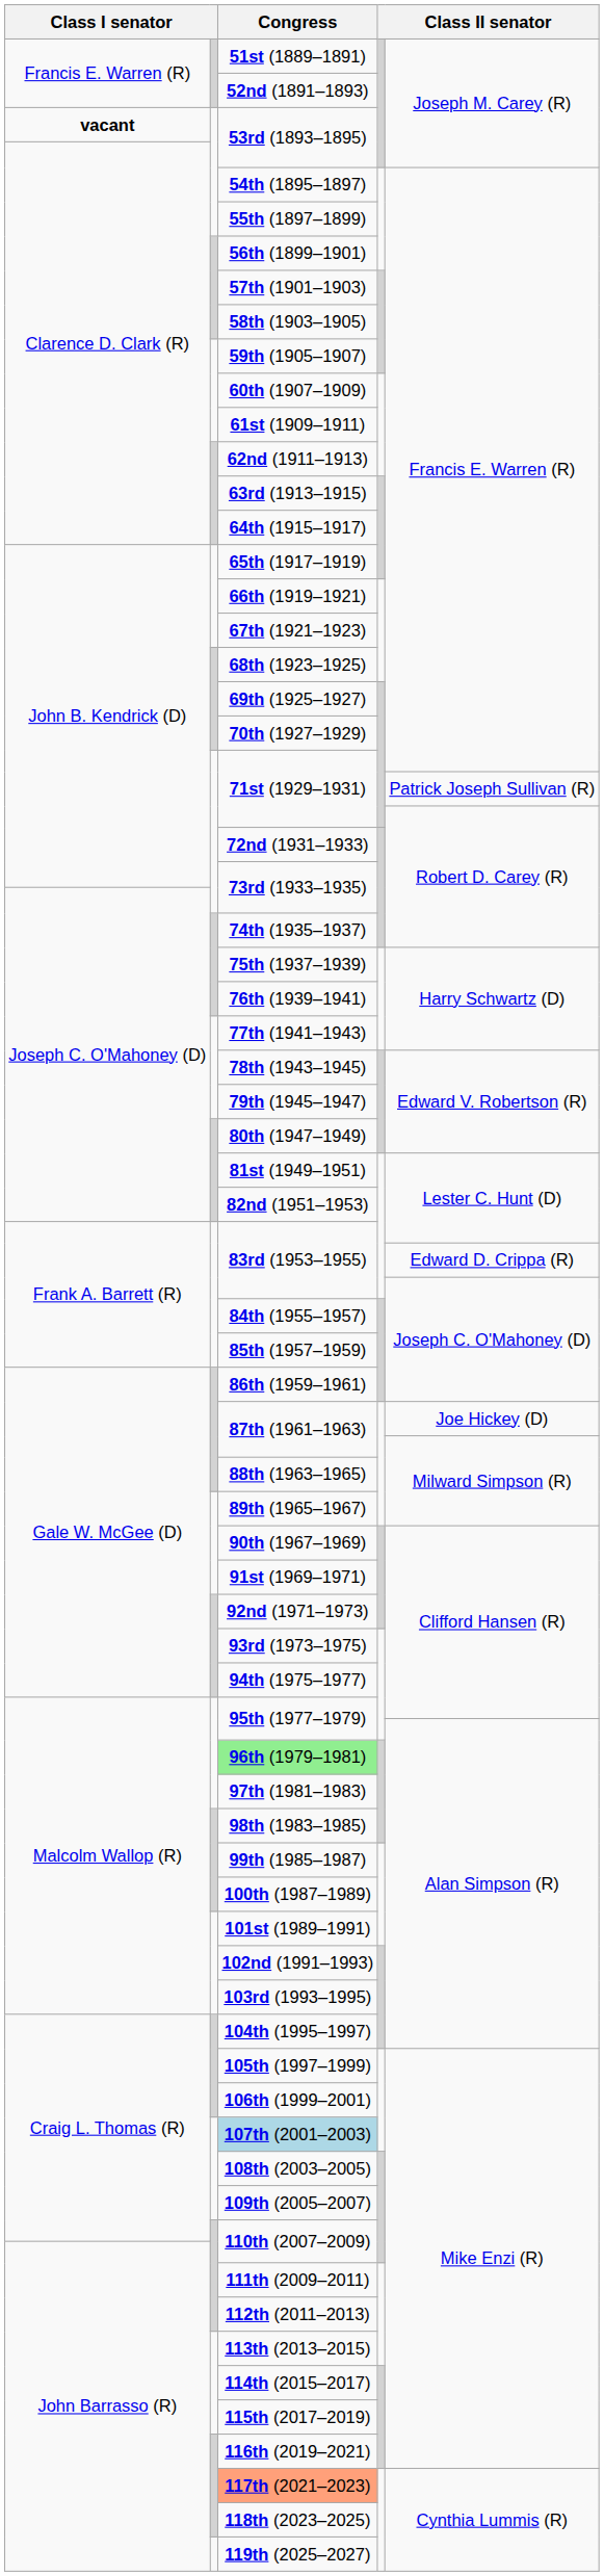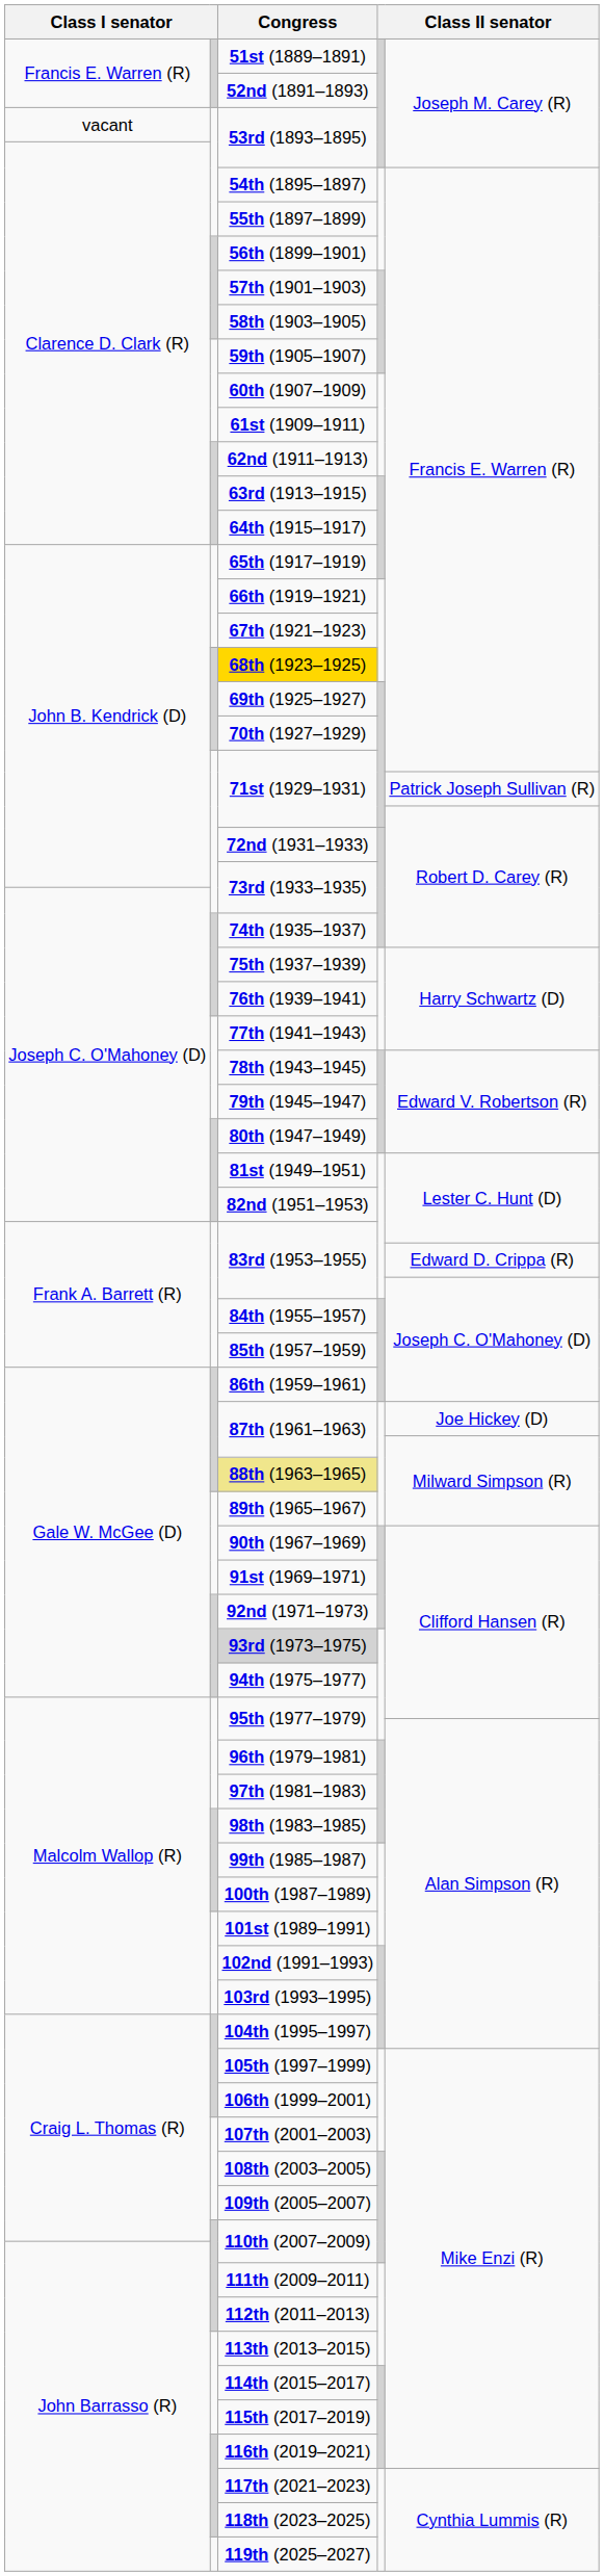 <table class="wikitable sticky-header" style="text-align:center">
 <tr style="height:2em">
 <th colspan="2">Class I senator</th>
 <th>Congress</th>
 <th colspan="2">Class II senator</th>
 </tr>
 <tr style="height:2em">
 <td rowspan="2" ><a href='#'>Francis E. Warren</a> (R)</td>
 <td rowspan="2" style="background: #D3D3D3"></td>
 <td><strong><a href='#'>51st</a></strong> (1889–1891)</td>
 <td rowspan="4" style="background: #D3D3D3"></td>
 <td rowspan="4" ><a href='#'>Joseph M. Carey</a> (R)</td>
 </tr>
 <tr style="height:2em">
 <td><strong><a href='#'>52nd</a></strong> (1891–1893)</td>
 </tr>
 <tr style="height:2em">
-<td><strong>vacant</strong></td>
+<td>vacant</td>
 <td rowspan="4"></td>
 <td rowspan="2"><strong><a href='#'>53rd</a></strong> (1893–1895)</td>
 </tr>
 <tr style="height:1.5em">
 <td rowspan="12" ><a href='#'>Clarence D. Clark</a> (R)</td>
 </tr>
 <tr style="height:2em">
 <td><strong><a href='#'>54th</a></strong> (1895–1897)</td>
 <td rowspan="3"></td>
 <td rowspan="18" ><a href='#'>Francis E. Warren</a> (R)</td>
 </tr>
 <tr style="height:2em">
 <td><strong><a href='#'>55th</a></strong> (1897–1899)</td>
 </tr>
 <tr style="height:2em">
 <td rowspan="3" style="background: #D3D3D3"></td>
 <td><strong><a href='#'>56th</a></strong> (1899–1901)</td>
 </tr>
 <tr style="height:2em">
 <td><strong><a href='#'>57th</a></strong> (1901–1903)</td>
 <td rowspan="3" style="background: #D3D3D3"></td>
 </tr>
 <tr style="height:2em">
 <td><strong><a href='#'>58th</a></strong> (1903–1905)</td>
 </tr>
 <tr style="height:2em">
 <td rowspan="3"></td>
 <td><strong><a href='#'>59th</a></strong> (1905–1907)</td>
 </tr>
 <tr style="height:2em">
 <td><strong><a href='#'>60th</a></strong> (1907–1909)</td>
 <td rowspan="3"></td>
 </tr>
 <tr style="height:2em">
 <td><strong><a href='#'>61st</a></strong> (1909–1911)</td>
 </tr>
 <tr style="height:2em">
 <td rowspan="3" style="background: #D3D3D3"></td>
 <td><strong><a href='#'>62nd</a></strong> (1911–1913)</td>
 </tr>
 <tr style="height:2em">
 <td><strong><a href='#'>63rd</a></strong> (1913–1915)</td>
 <td rowspan="3" style="background: #D3D3D3"></td>
 </tr>
 <tr style="height:2em">
 <td><strong><a href='#'>64th</a></strong> (1915–1917)</td>
 </tr>
 <tr style="height:2em">
 <td rowspan="11" ><a href='#'>John B. Kendrick</a> (D)</td>
 <td rowspan="3"></td>
 <td><strong><a href='#'>65th</a></strong> (1917–1919)</td>
 </tr>
 <tr style="height:2em">
 <td><strong><a href='#'>66th</a></strong> (1919–1921)</td>
 <td rowspan="3"></td>
 </tr>
 <tr style="height:2em">
 <td><strong><a href='#'>67th</a></strong> (1921–1923)</td>
 </tr>
 <tr style="height:2em">
 <td rowspan="3" style="background: #D3D3D3"></td>
-<td><strong><a href='#'>68th</a></strong> (1923–1925)</td>
+<td style="background: gold;"><strong><a href='#'>68th</a></strong> (1923–1925)</td>
 </tr>
 <tr style="height:2em">
 <td><strong><a href='#'>69th</a></strong> (1925–1927)</td>
 <td rowspan="5" style="background: #D3D3D3"></td>
 </tr>
 <tr style="height:2em">
 <td><strong><a href='#'>70th</a></strong> (1927–1929)</td>
 </tr>
 <tr style="height:1.25em">
 <td rowspan="6"></td>
 <td rowspan="3"><strong><a href='#'>71st</a></strong> (1929–1931)</td>
 </tr>
 <tr style="height:2em">
 <td><a href='#'>Patrick Joseph Sullivan</a> (R)</td>
 </tr>
 <tr style="height:1.25em">
 <td rowspan="5" ><a href='#'>Robert D. Carey</a> (R)</td>
 </tr>
 <tr style="height:2em">
 <td><strong><a href='#'>72nd</a></strong> (1931–1933)</td>
 <td rowspan="4" style="background: #D3D3D3"></td>
 </tr>
 <tr style="height:1.5em">
 <td rowspan="2"><strong><a href='#'>73rd</a></strong> (1933–1935)</td>
 </tr>
 <tr style="height:1.5em">
 <td rowspan="10" ><a href='#'>Joseph C. O'Mahoney</a> (D)</td>
 </tr>
 <tr style="height:2em">
 <td rowspan="3" style="background: #D3D3D3"></td>
 <td><strong><a href='#'>74th</a></strong> (1935–1937)</td>
 </tr>
 <tr style="height:2em">
 <td><strong><a href='#'>75th</a></strong> (1937–1939)</td>
 <td rowspan="3"></td>
 <td rowspan="3" ><a href='#'>Harry Schwartz</a> (D)</td>
 </tr>
 <tr style="height:2em">
 <td><strong><a href='#'>76th</a></strong> (1939–1941)</td>
 </tr>
 <tr style="height:2em">
 <td rowspan="3"></td>
 <td><strong><a href='#'>77th</a></strong> (1941–1943)</td>
 </tr>
 <tr style="height:2em">
 <td><strong><a href='#'>78th</a></strong> (1943–1945)</td>
 <td rowspan="3" style="background: #D3D3D3"></td>
 <td rowspan="3" ><a href='#'>Edward V. Robertson</a> (R)</td>
 </tr>
 <tr style="height:2em">
 <td><strong><a href='#'>79th</a></strong> (1945–1947)</td>
 </tr>
 <tr style="height:2em">
 <td rowspan="3" style="background: #D3D3D3"></td>
 <td><strong><a href='#'>80th</a></strong> (1947–1949)</td>
 </tr>
 <tr style="height:2em">
 <td><strong><a href='#'>81st</a></strong> (1949–1951)</td>
 <td rowspan="5"></td>
 <td rowspan="3" ><a href='#'>Lester C. Hunt</a> (D)</td>
 </tr>
 <tr style="height:2em">
 <td><strong><a href='#'>82nd</a></strong> (1951–1953)</td>
 </tr>
 <tr style="height:1.25em">
 <td rowspan="5" ><a href='#'>Frank A. Barrett</a> (R)</td>
 <td rowspan="5"></td>
 <td rowspan="3"><strong><a href='#'>83rd</a></strong> (1953–1955)</td>
 </tr>
 <tr style="height:2em">
 <td><a href='#'>Edward D. Crippa</a> (R)</td>
 </tr>
 <tr style="height:1.25em">
 <td rowspan="4" ><a href='#'>Joseph C. O'Mahoney</a> (D)</td>
 </tr>
 <tr style="height:2em">
 <td><strong><a href='#'>84th</a></strong> (1955–1957)</td>
 <td rowspan="3" style="background: #D3D3D3"></td>
 </tr>
 <tr style="height:2em">
 <td><strong><a href='#'>85th</a></strong> (1957–1959)</td>
 </tr>
 <tr style="height:2em">
 <td rowspan="10" ><a href='#'>Gale W. McGee</a> (D)</td>
 <td rowspan="4" style="background: #D3D3D3"></td>
 <td><strong><a href='#'>86th</a></strong> (1959–1961)</td>
 </tr>
 <tr style="height:2em">
 <td rowspan="2"><strong><a href='#'>87th</a></strong> (1961–1963)</td>
 <td rowspan="4"></td>
 <td><a href='#'>Joe Hickey</a> (D)</td>
 </tr>
 <tr style="height:1.25em">
 <td rowspan="3" ><a href='#'>Milward Simpson</a> (R)</td>
 </tr>
 <tr style="height:2em">
-<td><strong><a href='#'>88th</a></strong> (1963–1965)</td>
+<td style="background: khaki;"><strong><a href='#'>88th</a></strong> (1963–1965)</td>
 </tr>
 <tr style="height:2em">
 <td rowspan="3"></td>
 <td><strong><a href='#'>89th</a></strong> (1965–1967)</td>
 </tr>
 <tr style="height:2em">
 <td><strong><a href='#'>90th</a></strong> (1967–1969)</td>
 <td rowspan="3" style="background: #D3D3D3"></td>
 <td rowspan="6" ><a href='#'>Clifford Hansen</a> (R)</td>
 </tr>
 <tr style="height:2em">
 <td><strong><a href='#'>91st</a></strong> (1969–1971)</td>
 </tr>
 <tr style="height:2em">
 <td rowspan="3" style="background: #D3D3D3"></td>
 <td><strong><a href='#'>92nd</a></strong> (1971–1973)</td>
 </tr>
 <tr style="height:2em">
-<td><strong><a href='#'>93rd</a></strong> (1973–1975)</td>
+<td style="background: lightgrey;"><strong><a href='#'>93rd</a></strong> (1973–1975)</td>
 <td rowspan="4"></td>
 </tr>
 <tr style="height:2em">
 <td><strong><a href='#'>94th</a></strong> (1975–1977)</td>
 </tr>
 <tr style="height:1.25em">
 <td rowspan="10" ><a href='#'>Malcolm Wallop</a> (R)</td>
 <td rowspan="4"></td>
 <td rowspan="2"><strong><a href='#'>95th</a></strong> (1977–1979)</td>
 </tr>
 <tr style="height:1.25em">
 <td rowspan="10" ><a href='#'>Alan Simpson</a> (R)</td>
 </tr>
 <tr style="height:2em">
-<td style="background: lightgreen;"><strong><a href='#'>96th</a></strong> (1979–1981)</td>
+<td><strong><a href='#'>96th</a></strong> (1979–1981)</td>
 <td rowspan="3" style="background: #D3D3D3"></td>
 </tr>
 <tr style="height:2em">
 <td><strong><a href='#'>97th</a></strong> (1981–1983)</td>
 </tr>
 <tr style="height:2em">
 <td rowspan="3" style="background: #D3D3D3"></td>
 <td><strong><a href='#'>98th</a></strong> (1983–1985)</td>
 </tr>
 <tr style="height:2em">
 <td><strong><a href='#'>99th</a></strong> (1985–1987)</td>
 <td rowspan="3"></td>
 </tr>
 <tr style="height:2em">
 <td><strong><a href='#'>100th</a></strong> (1987–1989)</td>
 </tr>
 <tr style="height:2em">
 <td rowspan="3"></td>
 <td><strong><a href='#'>101st</a></strong> (1989–1991)</td>
 </tr>
 <tr style="height:2em">
 <td><strong><a href='#'>102nd</a></strong> (1991–1993)</td>
 <td rowspan="3" style="background: #D3D3D3"></td>
 </tr>
 <tr style="height:2em">
 <td><strong><a href='#'>103rd</a></strong> (1993–1995)</td>
 </tr>
 <tr style="height:2em">
 <td rowspan="7" ><a href='#'>Craig L. Thomas</a> (R)</td>
 <td rowspan="3" style="background: #D3D3D3"></td>
 <td><strong><a href='#'>104th</a></strong> (1995–1997)</td>
 </tr>
 <tr style="height:2em">
 <td><strong><a href='#'>105th</a></strong> (1997–1999)</td>
 <td rowspan="3"></td>
 <td rowspan="13" ><a href='#'>Mike Enzi</a> (R)</td>
 </tr>
 <tr style="height:2em">
 <td><strong><a href='#'>106th</a></strong> (1999–2001)</td>
 </tr>
 <tr style="height:2em">
 <td rowspan="3"></td>
-<td style="background: lightblue;"><strong><a href='#'>107th</a></strong> (2001–2003)</td>
+<td><strong><a href='#'>107th</a></strong> (2001–2003)</td>
 </tr>
 <tr style="height:2em">
 <td><strong><a href='#'>108th</a></strong> (2003–2005)</td>
 <td rowspan="4" style="background: #D3D3D3"></td>
 </tr>
 <tr style="height:2em">
 <td><strong><a href='#'>109th</a></strong> (2005–2007)</td>
 </tr>
 <tr style=height:1.25em>
 <td rowspan="4" style="background: #D3D3D3"></td>
 <td rowspan="2"><strong><a href='#'>110th</a></strong> (2007–2009)</td>
 </tr>
 <tr style="height:1.25em">
 <td rowspan="10" ><a href='#'>John Barrasso</a> (R)</td>
 </tr>
 <tr style="height:2em" align="center">
 <td><strong><a href='#'>111th</a></strong> (2009–2011)</td>
 <td rowspan="3"></td>
 </tr>
 <tr style="height:2em" align="center">
 <td><strong><a href='#'>112th</a></strong> (2011–2013)</td>
 </tr>
 <tr style="height:2em" align="center">
 <td rowspan="3"></td>
 <td><strong><a href='#'>113th</a></strong> (2013–2015)</td>
 </tr>
 <tr style="height:2em" align="center">
 <td><strong><a href='#'>114th</a></strong> (2015–2017)</td>
 <td rowspan="3" style="background: #D3D3D3"></td>
 </tr>
 <tr style="height:2em" align="center">
 <td><strong><a href='#'>115th</a></strong> (2017–2019)</td>
 </tr>
 <tr style="height:2em" align="center">
 <td rowspan="3" style="background: #D3D3D3"></td>
 <td><strong><a href='#'>116th</a></strong> (2019–2021)</td>
 </tr>
 <tr style="height:2em" align="center">
-<td style="background: lightsalmon;"><strong><a href='#'>117th</a></strong> (2021–2023)</td>
+<td><strong><a href='#'>117th</a></strong> (2021–2023)</td>
 <td rowspan="3"></td>
 <td rowspan="3" ><a href='#'>Cynthia Lummis</a> (R)</td>
 </tr>
 <tr style="height:2em" align="center">
 <td><strong><a href='#'>118th</a></strong> (2023–2025)</td>
 </tr>
 <tr style="height:2em" align="center">
 <td rowspan="1"></td>
 <td><strong><a href='#'>119th</a></strong> (2025–2027)</td>
 </tr>
 </table>
